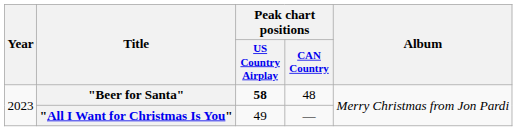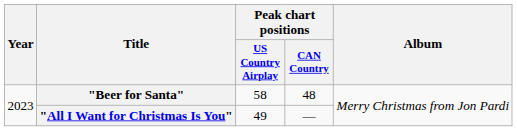 <table class="wikitable plainrowheaders" style="text-align:center;">
 <tr>
 <th scope="col" rowspan="2">Year</th>
 <th scope="col" rowspan="2">Title</th>
 <th scope="col" colspan="2">Peak chart positions</th>
 <th scope="col" rowspan="2">Album</th>
 </tr>
 <tr style="font-size:smaller;">
 <th scope="col" style="width:4em;"><a href='#'>US Country Airplay</a><br></th>
 <th scope="col" style="width:4em;"><a href='#'>CAN Country</a><br></th>
 </tr>
 <tr>
 <td rowspan="2">2023</td>
 <th scope="row">"Beer for Santa"<br></th>
-<td><strong>58</strong></td>
+<td>58</td>
 <td>48</td>
 <td rowspan="2"><em>Merry Christmas from Jon Pardi</em></td>
 </tr>
 <tr>
 <th scope="row">"<a href='#'>All I Want for Christmas Is You</a>"<br></th>
 <td>49</td>
 <td>—</td>
 </tr>
 </table>
